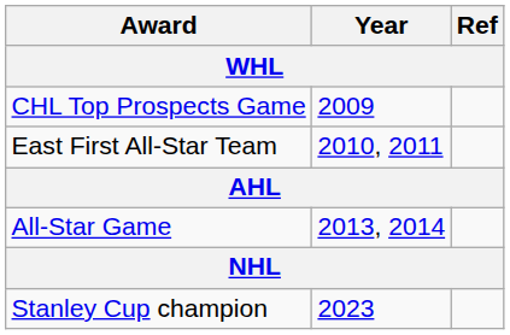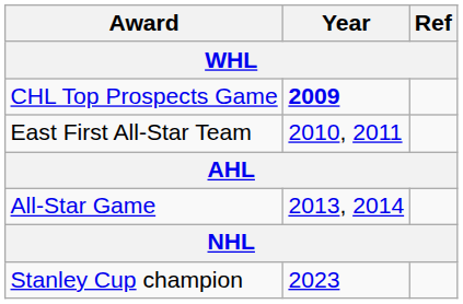 <table class="wikitable">
 <tr>
 <th>Award</th>
 <th>Year</th>
 <th>Ref</th>
 </tr>
 <tr>
 <th colspan="3"><a href='#'>WHL</a></th>
 </tr>
 <tr>
 <td><a href='#'>CHL Top Prospects Game</a></td>
-<td><a href='#'>2009</a></td>
+<td><strong><a href='#'>2009</a></strong></td>
 <td></td>
 </tr>
 <tr>
 <td>East First All-Star Team</td>
 <td><a href='#'>2010</a>, <a href='#'>2011</a></td>
 <td></td>
 </tr>
 <tr>
 <th colspan="3"><a href='#'>AHL</a></th>
 </tr>
 <tr>
 <td><a href='#'>All-Star Game</a></td>
 <td><a href='#'>2013</a>, <a href='#'>2014</a></td>
 <td></td>
 </tr>
 <tr>
 <th colspan="3"><a href='#'>NHL</a></th>
 </tr>
 <tr>
 <td><a href='#'>Stanley Cup</a> champion</td>
 <td><a href='#'>2023</a></td>
 <td></td>
 </tr>
 </table>
